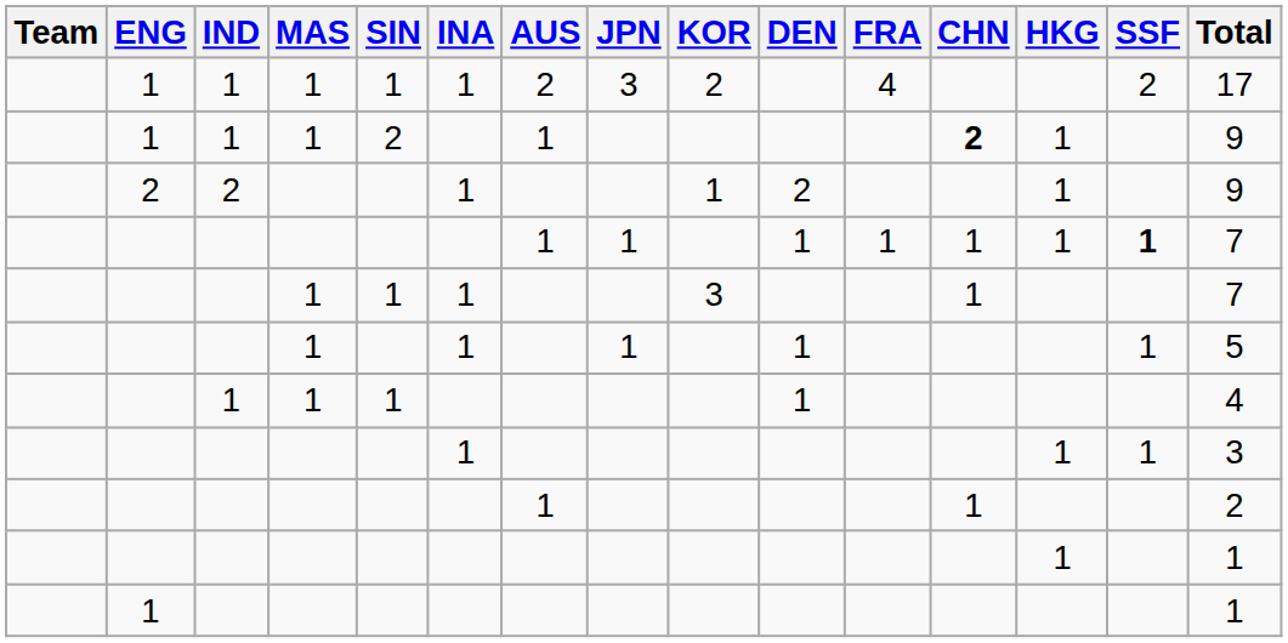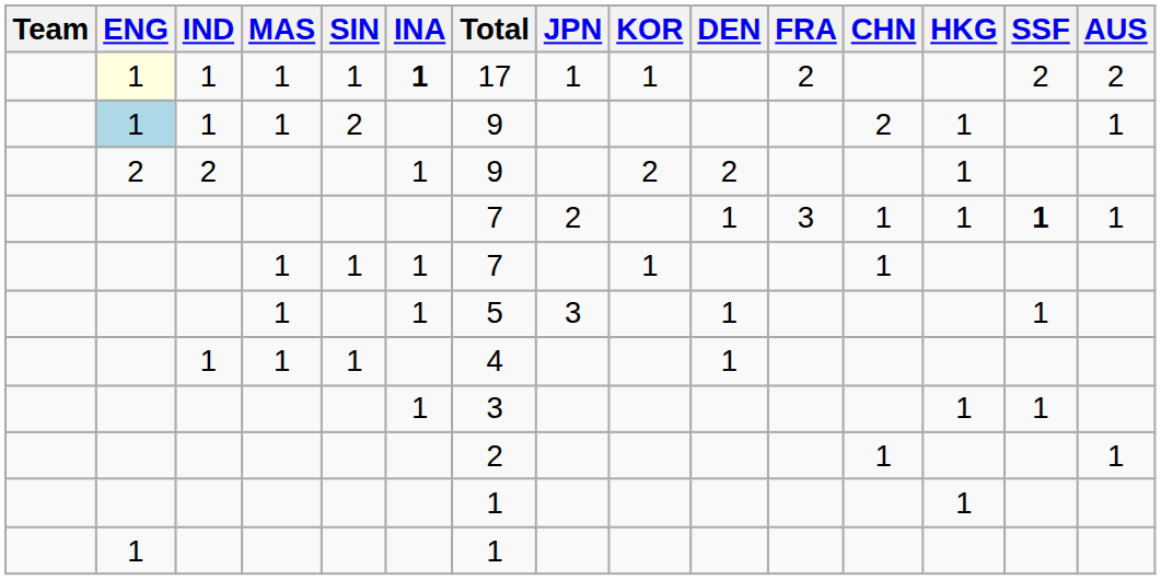 <table class=wikitable style="font-size:85%; text-align:center">
 <tr>
 <th>Team</th>
 <th><a href='#'>ENG</a></th>
 <th><a href='#'>IND</a></th>
 <th><a href='#'>MAS</a></th>
 <th><a href='#'>SIN</a></th>
 <th><a href='#'>INA</a></th>
-<th><a href='#'>AUS</a></th>
+<th>Total</th>
 <th><a href='#'>JPN</a></th>
 <th><a href='#'>KOR</a></th>
 <th><a href='#'>DEN</a></th>
 <th><a href='#'>FRA</a></th>
 <th><a href='#'>CHN</a></th>
 <th><a href='#'>HKG</a></th>
 <th><a href='#'>SSF</a></th>
-<th>Total</th>
+<th><a href='#'>AUS</a></th>
 </tr>
 <tr>
 <td align=left></td>
+<td style="background: lightyellow;">1</td>
 <td>1</td>
 <td>1</td>
 <td>1</td>
+<td><strong>1</strong></td>
+<td>17</td>
 <td>1</td>
 <td>1</td>
+<td></td>
 <td>2</td>
-<td>3</td>
-<td>2</td>
-<td></td>
-<td>4</td>
 <td></td>
 <td></td>
 <td>2</td>
-<td>17</td>
+<td>2</td>
 </tr>
 <tr>
 <td align=left></td>
-<td>1</td>
+<td style="background: lightblue;">1</td>
 <td>1</td>
 <td>1</td>
 <td>2</td>
 <td></td>
-<td>1</td>
+<td>9</td>
 <td></td>
 <td></td>
 <td></td>
 <td></td>
-<td><strong>2</strong></td>
+<td>2</td>
 <td>1</td>
 <td></td>
-<td>9</td>
+<td>1</td>
 </tr>
 <tr>
 <td align=left></td>
 <td>2</td>
 <td>2</td>
 <td></td>
 <td></td>
 <td>1</td>
+<td>9</td>
 <td></td>
-<td></td>
-<td>1</td>
+<td>2</td>
 <td>2</td>
 <td></td>
 <td></td>
 <td>1</td>
 <td></td>
-<td>9</td>
+<td></td>
 </tr>
 <tr>
 <td align=left></td>
 <td></td>
 <td></td>
 <td></td>
 <td></td>
 <td></td>
-<td>1</td>
-<td>1</td>
+<td>7</td>
+<td>2</td>
 <td></td>
 <td>1</td>
-<td>1</td>
+<td>3</td>
 <td>1</td>
 <td>1</td>
 <td><strong>1</strong></td>
-<td>7</td>
+<td>1</td>
 </tr>
 <tr>
 <td align=left></td>
 <td></td>
 <td></td>
 <td>1</td>
 <td>1</td>
 <td>1</td>
+<td>7</td>
 <td></td>
-<td></td>
-<td>3</td>
+<td>1</td>
 <td></td>
 <td></td>
 <td>1</td>
 <td></td>
 <td></td>
-<td>7</td>
+<td></td>
 </tr>
 <tr>
 <td align=left></td>
 <td></td>
 <td></td>
 <td>1</td>
 <td></td>
 <td>1</td>
-<td></td>
-<td>1</td>
+<td>5</td>
+<td>3</td>
 <td></td>
 <td>1</td>
 <td></td>
 <td></td>
 <td></td>
 <td>1</td>
-<td>5</td>
+<td></td>
 </tr>
 <tr>
 <td align=left></td>
 <td></td>
 <td>1</td>
 <td>1</td>
 <td>1</td>
 <td></td>
-<td></td>
+<td>4</td>
 <td></td>
 <td></td>
 <td>1</td>
 <td></td>
 <td></td>
 <td></td>
 <td></td>
-<td>4</td>
+<td></td>
 </tr>
 <tr>
 <td align=left></td>
 <td></td>
 <td></td>
 <td></td>
 <td></td>
 <td>1</td>
-<td></td>
+<td>3</td>
 <td></td>
 <td></td>
 <td></td>
 <td></td>
 <td></td>
 <td>1</td>
 <td>1</td>
-<td>3</td>
+<td></td>
+</tr>
+<tr>
+<td align=left></td>
+<td></td>
+<td></td>
+<td></td>
+<td></td>
+<td></td>
+<td>2</td>
+<td></td>
+<td></td>
+<td></td>
+<td></td>
+<td>1</td>
+<td></td>
+<td></td>
+<td>1</td>
 </tr>
 <tr>
 <td align=left></td>
 <td></td>
 <td></td>
 <td></td>
 <td></td>
 <td></td>
 <td>1</td>
 <td></td>
 <td></td>
 <td></td>
 <td></td>
+<td></td>
 <td>1</td>
 <td></td>
 <td></td>
-<td>2</td>
 </tr>
 <tr>
 <td align=left></td>
+<td>1</td>
 <td></td>
 <td></td>
 <td></td>
 <td></td>
-<td></td>
-<td></td>
-<td></td>
-<td></td>
-<td></td>
-<td></td>
-<td></td>
-<td>1</td>
-<td></td>
-<td>1</td>
-</tr>
-<tr>
-<td align=left></td>
 <td>1</td>
 <td></td>
 <td></td>
 <td></td>
 <td></td>
 <td></td>
 <td></td>
 <td></td>
 <td></td>
-<td></td>
-<td></td>
-<td></td>
-<td></td>
-<td>1</td>
 </tr>
 </table>
